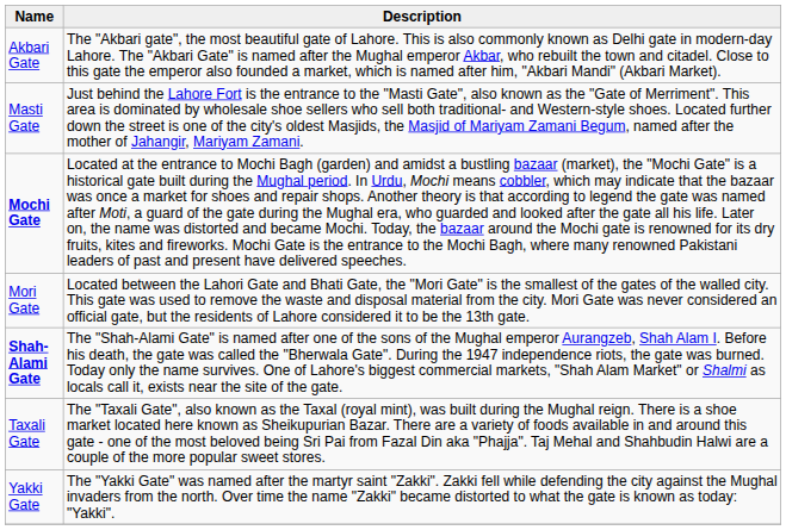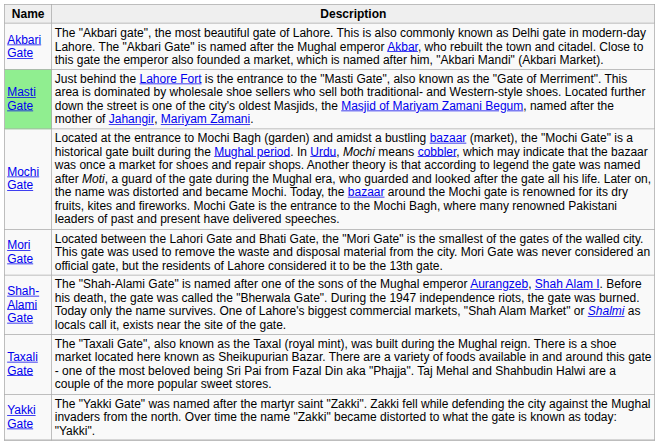 <table class="wikitable" align="center">
 <tr>
 <th style="background:#efefef;">Name</th>
 <th style="background:#efefef;">Description</th>
 </tr>
 <tr>
 <td><a href='#'>Akbari Gate</a></td>
 <td>The "Akbari gate", the most beautiful gate of Lahore. This is also commonly known as Delhi gate in modern-day Lahore. The "Akbari Gate" is named after the Mughal emperor <a href='#'>Akbar</a>, who rebuilt the town and citadel. Close to this gate the emperor also founded a market, which is named after him, "Akbari Mandi" (Akbari Market).</td>
 </tr>
 <tr>
-<td><a href='#'>Masti Gate</a></td>
+<td style="background: lightgreen;"><a href='#'>Masti Gate</a></td>
 <td>Just behind the <a href='#'>Lahore Fort</a> is the entrance to the "Masti Gate", also known as the "Gate of Merriment". This area is dominated by wholesale shoe sellers who sell both traditional- and Western-style shoes. Located further down the street is one of the city's oldest Masjids, the <a href='#'>Masjid of Mariyam Zamani Begum</a>, named after the mother of <a href='#'>Jahangir</a>, <a href='#'>Mariyam Zamani</a>.</td>
 </tr>
 <tr>
-<td><strong><a href='#'>Mochi Gate</a></strong></td>
+<td><a href='#'>Mochi Gate</a></td>
 <td>Located at the entrance to Mochi Bagh (garden) and amidst a bustling <a href='#'>bazaar</a> (market), the "Mochi Gate" is a historical gate built during the <a href='#'>Mughal period</a>. In <a href='#'>Urdu</a>, <em>Mochi</em> means <a href='#'>cobbler</a>, which may indicate that the bazaar was once a market for shoes and repair shops. Another theory is that according to legend the gate was named after <em>Moti</em>, a guard of the gate during the Mughal era, who guarded and looked after the gate all his life. Later on, the name was distorted and became Mochi. Today, the <a href='#'>bazaar</a> around the Mochi gate is renowned for its dry fruits, kites and fireworks. Mochi Gate is the entrance to the Mochi Bagh, where many renowned Pakistani leaders of past and present have delivered speeches.</td>
 </tr>
 <tr>
 <td><a href='#'>Mori Gate</a></td>
 <td>Located between the Lahori Gate and Bhati Gate, the "Mori Gate" is the smallest of the gates of the walled city. This gate was used to remove the waste and disposal material from the city. Mori Gate was never considered an official gate, but the residents of Lahore considered it to be the 13th gate.</td>
 </tr>
 <tr>
-<td><strong><a href='#'>Shah-Alami Gate</a></strong></td>
+<td><a href='#'>Shah-Alami Gate</a></td>
 <td>The "Shah-Alami Gate" is named after one of the sons of the Mughal emperor <a href='#'>Aurangzeb</a>, <a href='#'>Shah Alam I</a>. Before his death, the gate was called the "Bherwala Gate". During the 1947 independence riots, the gate was burned. Today only the name survives. One of Lahore's biggest commercial markets, "Shah Alam Market" or <em><a href='#'>Shalmi</a></em> as locals call it, exists near the site of the gate.</td>
 </tr>
 <tr>
 <td><a href='#'>Taxali Gate</a></td>
 <td>The "Taxali Gate", also known as the Taxal (royal mint), was built during the Mughal reign. There is a shoe market located here known as Sheikupurian Bazar. There are a variety of foods available in and around this gate - one of the most beloved being Sri Pai from Fazal Din aka "Phajja". Taj Mehal and Shahbudin Halwi are a couple of the more popular sweet stores.</td>
 </tr>
 <tr>
 <td><a href='#'>Yakki Gate</a></td>
 <td>The "Yakki Gate" was named after the martyr saint "Zakki". Zakki fell while defending the city against the Mughal invaders from the north. Over time the name "Zakki" became distorted to what the gate is known as today: "Yakki".</td>
 </tr>
 <tr>
 </tr>
 </table>
